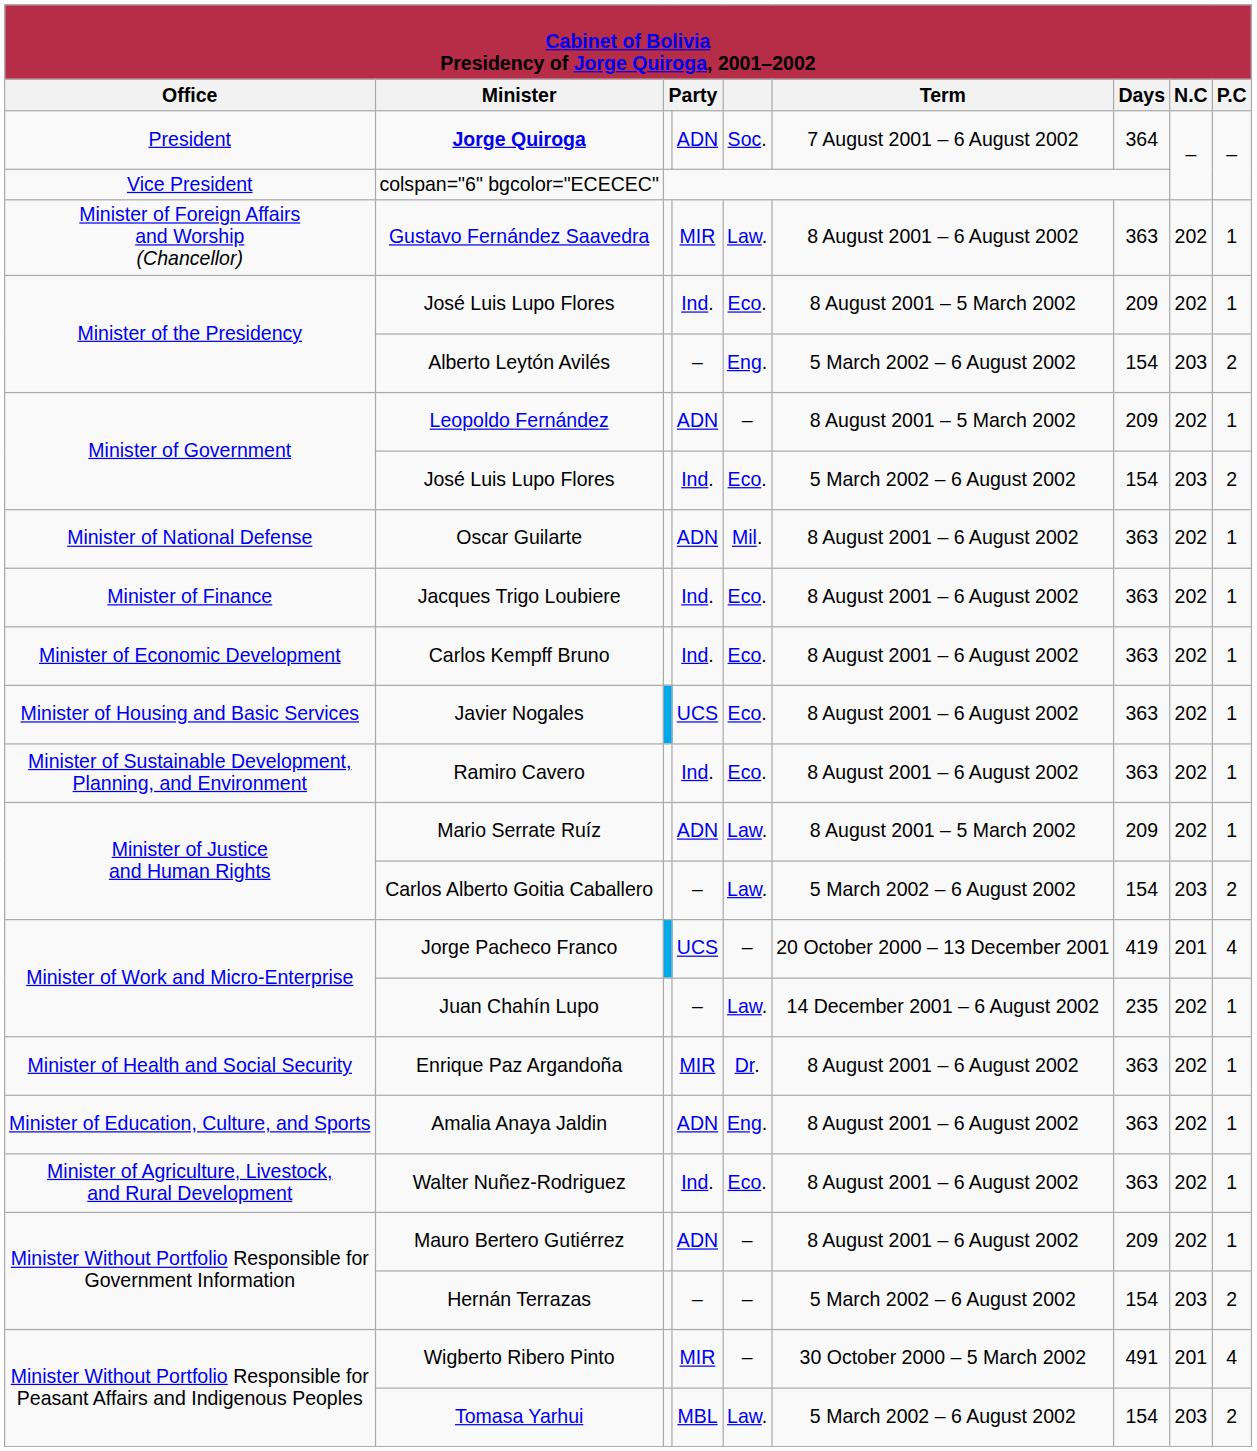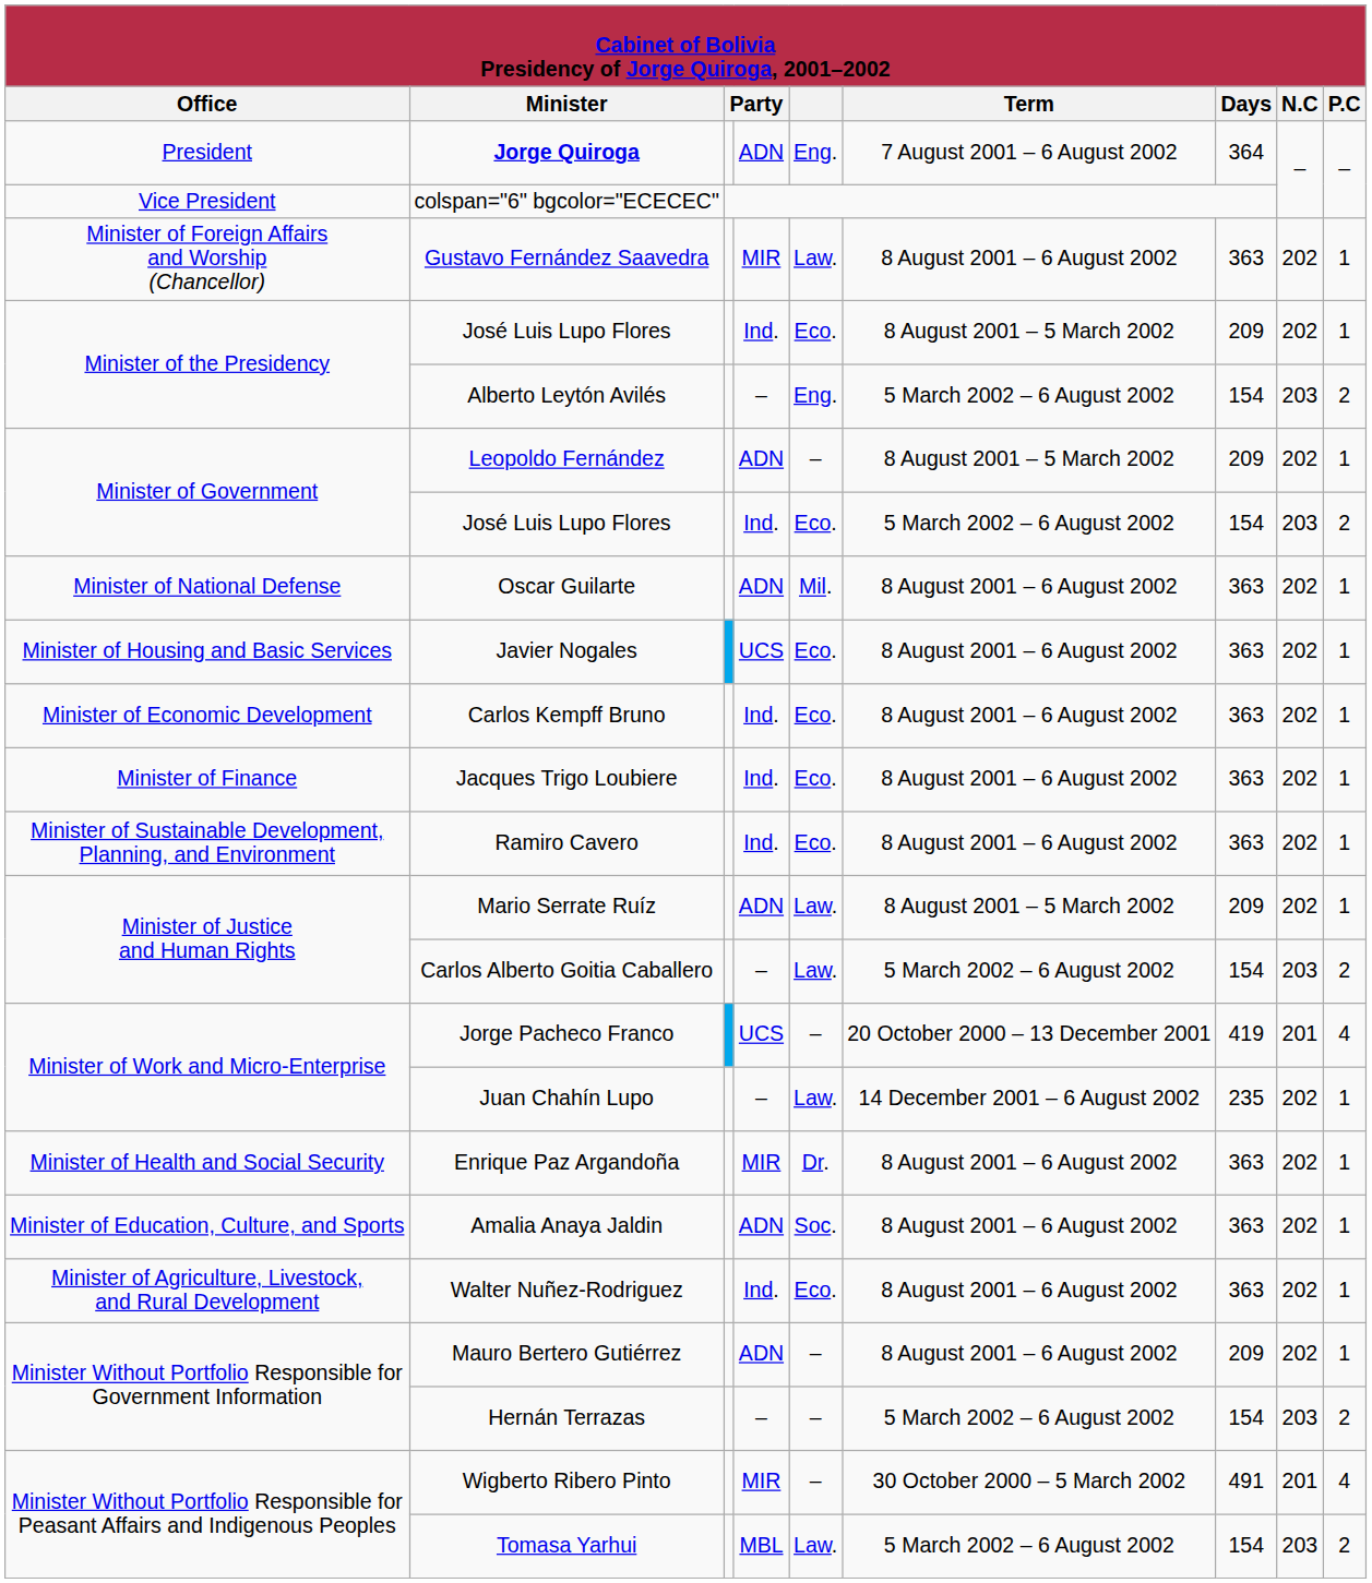 <table class="wikitable" style="text-align:center;">
 <tr>
 <th colspan="9" style="background-color:#B72C47;"><br><a href='#'>Cabinet of Bolivia</a><br>Presidency of <a href='#'>Jorge Quiroga</a>, 2001–2002</th>
 </tr>
 <tr style="font-weight:bold;">
 <th>Office</th>
 <th>Minister</th>
 <th colspan="2">Party</th>
 <th></th>
 <th>Term</th>
 <th>Days</th>
 <th>N.C</th>
 <th>P.C<br></th>
 </tr>
 <tr style="height:3em;">
 <td><a href='#'>President</a></td>
 <td><strong><a href='#'>Jorge Quiroga</a></strong></td>
 <td style="background:"></td>
 <td><a href='#'>ADN</a></td>
-<td><a href='#'>Soc</a>.</td>
+<td><a href='#'>Eng</a>.</td>
 <td>7 August 2001 – 6 August 2002</td>
 <td>364</td>
 <td rowspan="2">–</td>
 <td rowspan="2">–<br></td>
 </tr>
 <tr>
 <td><a href='#'>Vice President</a></td>
 <td>colspan="6" bgcolor="ECECEC" <br></td>
 </tr>
 <tr style="height:3em;">
 <td><a href='#'>Minister of Foreign Affairs<br>and Worship</a><br><em>(Chancellor)</em></td>
 <td><a href='#'>Gustavo Fernández Saavedra</a></td>
 <td style="background:"></td>
 <td><a href='#'>MIR</a></td>
 <td><a href='#'>Law</a>.</td>
 <td>8 August 2001 – 6 August 2002</td>
 <td>363</td>
 <td>202</td>
 <td>1<br></td>
 </tr>
 <tr style="height:3em;">
 <td rowspan="2"><a href='#'>Minister of the Presidency</a></td>
 <td>José Luis Lupo Flores</td>
 <td style="background:"></td>
 <td><a href='#'>Ind</a>.</td>
 <td><a href='#'>Eco</a>.</td>
 <td>8 August 2001 – 5 March 2002</td>
 <td>209</td>
 <td>202</td>
 <td>1</td>
 </tr>
 <tr style="height:3em;">
 <td>Alberto Leytón Avilés</td>
 <td style="background:"></td>
 <td>–</td>
 <td><a href='#'>Eng</a>.</td>
 <td>5 March 2002 – 6 August 2002</td>
 <td>154</td>
 <td>203</td>
 <td>2<br></td>
 </tr>
 <tr style="height:3em;">
 <td rowspan="2"><a href='#'>Minister of Government</a></td>
 <td><a href='#'>Leopoldo Fernández</a></td>
 <td style="background:"></td>
 <td><a href='#'>ADN</a></td>
 <td>–</td>
 <td>8 August 2001 – 5 March 2002</td>
 <td>209</td>
 <td>202</td>
 <td>1</td>
 </tr>
 <tr style="height:3em;">
 <td>José Luis Lupo Flores</td>
 <td style="background:"></td>
 <td><a href='#'>Ind</a>.</td>
 <td><a href='#'>Eco</a>.</td>
 <td>5 March 2002 – 6 August 2002</td>
 <td>154</td>
 <td>203</td>
 <td>2<br></td>
 </tr>
 <tr style="height:3em;">
 <td><a href='#'>Minister of National Defense</a></td>
 <td>Oscar Guilarte</td>
 <td style="background:"></td>
 <td><a href='#'>ADN</a></td>
 <td><a href='#'>Mil</a>.</td>
 <td>8 August 2001 – 6 August 2002</td>
 <td>363</td>
 <td>202</td>
 <td>1</td>
 </tr>
 <tr style="height:3em;">
-<td><a href='#'>Minister of Finance</a></td>
-<td>Jacques Trigo Loubiere</td>
-<td style="background:"></td>
-<td><a href='#'>Ind</a>.</td>
+<td><a href='#'>Minister of Housing and Basic Services</a></td>
+<td>Javier Nogales</td>
+<td style="background:#00A8EC"></td>
+<td><a href='#'>UCS</a></td>
 <td><a href='#'>Eco</a>.</td>
 <td>8 August 2001 – 6 August 2002</td>
 <td>363</td>
 <td>202</td>
 <td>1<br></td>
 </tr>
 <tr style="height:3em;">
 <td><a href='#'>Minister of Economic Development</a></td>
 <td>Carlos Kempff Bruno</td>
 <td style="background:"></td>
 <td><a href='#'>Ind</a>.</td>
 <td><a href='#'>Eco</a>.</td>
 <td>8 August 2001 – 6 August 2002</td>
 <td>363</td>
 <td>202</td>
 <td>1<br></td>
 </tr>
 <tr style="height:3em;">
-<td><a href='#'>Minister of Housing and Basic Services</a></td>
-<td>Javier Nogales</td>
-<td style="background:#00A8EC"></td>
-<td><a href='#'>UCS</a></td>
+<td><a href='#'>Minister of Finance</a></td>
+<td>Jacques Trigo Loubiere</td>
+<td style="background:"></td>
+<td><a href='#'>Ind</a>.</td>
 <td><a href='#'>Eco</a>.</td>
 <td>8 August 2001 – 6 August 2002</td>
 <td>363</td>
 <td>202</td>
 <td>1<br></td>
 </tr>
 <tr style="height:3em;">
 <td><a href='#'>Minister of Sustainable Development,<br>Planning, and Environment</a></td>
 <td>Ramiro Cavero</td>
 <td style="background:"></td>
 <td><a href='#'>Ind</a>.</td>
 <td><a href='#'>Eco</a>.</td>
 <td>8 August 2001 – 6 August 2002</td>
 <td>363</td>
 <td>202</td>
 <td>1<br></td>
 </tr>
 <tr style="height:3em;">
 <td rowspan="2"><a href='#'>Minister of Justice<br>and Human Rights</a></td>
 <td>Mario Serrate Ruíz</td>
 <td style="background:"></td>
 <td><a href='#'>ADN</a></td>
 <td><a href='#'>Law</a>.</td>
 <td>8 August 2001 – 5 March 2002</td>
 <td>209</td>
 <td>202</td>
 <td>1</td>
 </tr>
 <tr style="height:3em;">
 <td>Carlos Alberto Goitia Caballero</td>
 <td style="background:"></td>
 <td>–</td>
 <td><a href='#'>Law</a>.</td>
 <td>5 March 2002 – 6 August 2002</td>
 <td>154</td>
 <td>203</td>
 <td>2<br></td>
 </tr>
 <tr style="height:3em;">
 <td rowspan="2"><a href='#'>Minister of Work and Micro-Enterprise</a></td>
 <td>Jorge Pacheco Franco</td>
 <td style="background:#00A8EC"></td>
 <td><a href='#'>UCS</a></td>
 <td>–</td>
 <td>20 October 2000 – 13 December 2001</td>
 <td>419</td>
 <td>201</td>
 <td>4</td>
 </tr>
 <tr style="height:3em;">
 <td>Juan Chahín Lupo</td>
 <td style="background:"></td>
 <td>–</td>
 <td><a href='#'>Law</a>.</td>
 <td>14 December 2001 – 6 August 2002</td>
 <td>235</td>
 <td>202</td>
 <td>1<br></td>
 </tr>
 <tr style="height:3em;">
 <td><a href='#'>Minister of Health and Social Security</a></td>
 <td>Enrique Paz Argandoña</td>
 <td style="background:"></td>
 <td><a href='#'>MIR</a></td>
 <td><a href='#'>Dr</a>.</td>
 <td>8 August 2001 – 6 August 2002</td>
 <td>363</td>
 <td>202</td>
 <td>1<br></td>
 </tr>
 <tr style="height:3em;">
 <td><a href='#'>Minister of Education, Culture, and Sports</a></td>
 <td>Amalia Anaya Jaldin</td>
 <td style="background:"></td>
 <td><a href='#'>ADN</a></td>
-<td><a href='#'>Eng</a>.</td>
+<td><a href='#'>Soc</a>.</td>
 <td>8 August 2001 – 6 August 2002</td>
 <td>363</td>
 <td>202</td>
 <td>1<br></td>
 </tr>
 <tr style="height:3em;">
 <td><a href='#'>Minister of Agriculture, Livestock,<br>and Rural Development</a></td>
 <td>Walter Nuñez-Rodriguez</td>
 <td style="background:"></td>
 <td><a href='#'>Ind</a>.</td>
 <td><a href='#'>Eco</a>.</td>
 <td>8 August 2001 – 6 August 2002</td>
 <td>363</td>
 <td>202</td>
 <td>1<br></td>
 </tr>
 <tr style="height:3em;">
 <td rowspan="2"><a href='#'>Minister Without Portfolio</a> Responsible for<br>Government Information</td>
 <td>Mauro Bertero Gutiérrez</td>
 <td style="background:"></td>
 <td><a href='#'>ADN</a></td>
 <td>–</td>
 <td>8 August 2001 – 6 August 2002</td>
 <td>209</td>
 <td>202</td>
 <td>1</td>
 </tr>
 <tr style="height:3em;">
 <td>Hernán Terrazas</td>
 <td style="background:"></td>
 <td>–</td>
 <td>–</td>
 <td>5 March 2002 – 6 August 2002</td>
 <td>154</td>
 <td>203</td>
 <td>2</td>
 </tr>
 <tr style="height:3em;">
 <td rowspan="2"><a href='#'>Minister Without Portfolio</a> Responsible for<br>Peasant Affairs and Indigenous Peoples</td>
 <td>Wigberto Ribero Pinto</td>
 <td style="background:"></td>
 <td><a href='#'>MIR</a></td>
 <td>–</td>
 <td>30 October 2000 – 5 March 2002</td>
 <td>491</td>
 <td>201</td>
 <td>4</td>
 </tr>
 <tr style="height:3em;">
 <td><a href='#'>Tomasa Yarhui</a></td>
 <td style="background:"></td>
 <td><a href='#'>MBL</a></td>
 <td><a href='#'>Law</a>.</td>
 <td>5 March 2002 – 6 August 2002</td>
 <td>154</td>
 <td>203</td>
 <td>2</td>
 </tr>
 </table>
